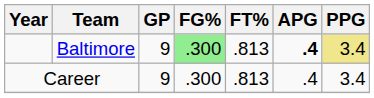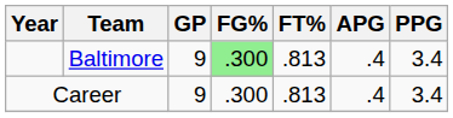 <table class="wikitable sortable" style="font-size:95%; text-align:right;">
 <tr>
 <th>Year</th>
 <th>Team</th>
 <th>GP</th>
 <th>FG%</th>
 <th>FT%</th>
 <th>APG</th>
 <th>PPG</th>
 </tr>
 <tr>
 <td style="text-align:left;"></td>
 <td style="text-align:left;"><a href='#'>Baltimore</a></td>
 <td>9</td>
 <td style="background: lightgreen;">.300</td>
 <td>.813</td>
-<td><strong>.4</strong></td>
-<td style="background: khaki;">3.4</td>
+<td>.4</td>
+<td>3.4</td>
 </tr>
 <tr>
 <td style="text-align:center;" colspan="2">Career</td>
 <td>9</td>
 <td>.300</td>
 <td>.813</td>
 <td>.4</td>
 <td>3.4</td>
 </tr>
 <tr>
 </tr>
 </table>
